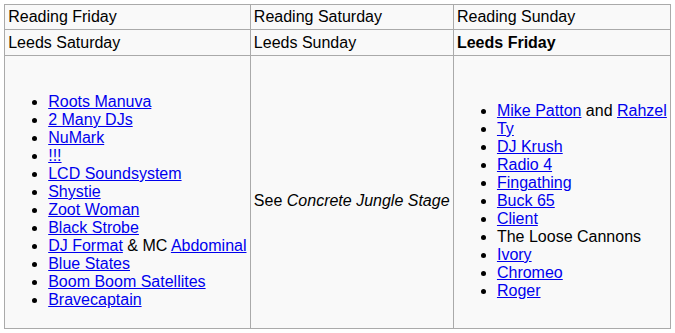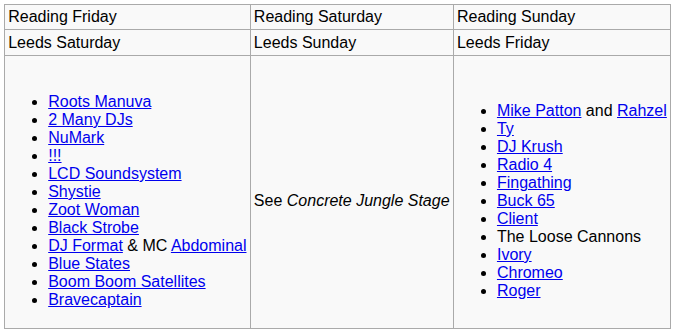 <table class="wikitable">
 <tr>
 <td>Reading Friday</td>
 <td>Reading Saturday</td>
 <td>Reading Sunday</td>
 </tr>
 <tr>
 <td>Leeds Saturday</td>
 <td>Leeds Sunday</td>
-<td><strong>Leeds Friday</strong></td>
+<td>Leeds Friday</td>
 </tr>
 <tr>
 <td><br><ul><li><a href='#'>Roots Manuva</a></li><li><a href='#'>2 Many DJs</a></li><li><a href='#'>NuMark</a></li><li><a href='#'>!!!</a></li><li><a href='#'>LCD Soundsystem</a></li><li><a href='#'>Shystie</a></li><li><a href='#'>Zoot Woman</a></li><li><a href='#'>Black Strobe</a></li><li><a href='#'>DJ Format</a> & MC <a href='#'>Abdominal</a></li><li><a href='#'>Blue States</a></li><li><a href='#'>Boom Boom Satellites</a></li><li><a href='#'>Bravecaptain</a></li></ul></td>
 <td><br>See <em>Concrete Jungle Stage</em></td>
 <td><br><ul><li><a href='#'>Mike Patton</a> and <a href='#'>Rahzel</a></li><li><a href='#'>Ty</a></li><li><a href='#'>DJ Krush</a></li><li><a href='#'>Radio 4</a></li><li><a href='#'>Fingathing</a></li><li><a href='#'>Buck 65</a></li><li><a href='#'>Client</a></li><li>The Loose Cannons</li><li><a href='#'>Ivory</a></li><li><a href='#'>Chromeo</a></li><li><a href='#'>Roger</a></li></ul></td>
 </tr>
 </table>
